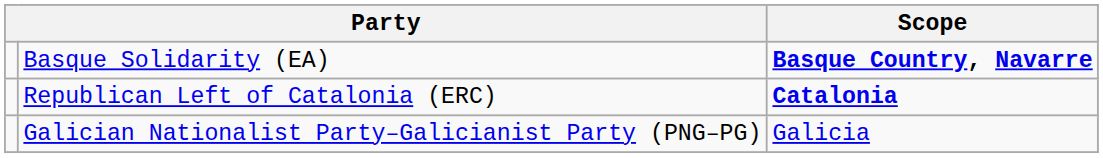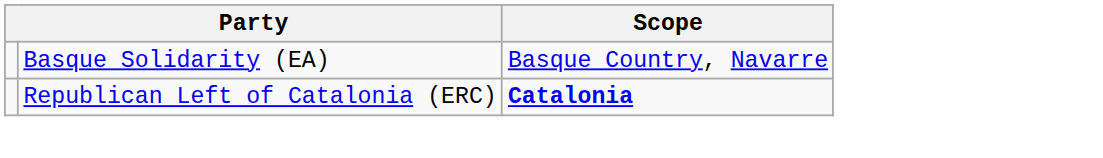 <table class="wikitable" style="text-align:left; font-size:97%;">
 <tr>
 <th colspan="2">Party</th>
 <th>Scope</th>
 </tr>
 <tr>
 <td width="1"></td>
 <td><a href='#'>Basque Solidarity</a> (EA)</td>
-<td><strong><a href='#'>Basque Country</a>, <a href='#'>Navarre</a></strong></td>
+<td><a href='#'>Basque Country</a>, <a href='#'>Navarre</a></td>
 </tr>
 <tr>
 <td></td>
 <td><a href='#'>Republican Left of Catalonia</a> (ERC)</td>
 <td><strong><a href='#'>Catalonia</a></strong></td>
 </tr>
-<tr>
-<td></td>
-<td><a href='#'>Galician Nationalist Party–Galicianist Party</a> (PNG–PG)</td>
-<td><a href='#'>Galicia</a></td>
-</tr>
 </table>
